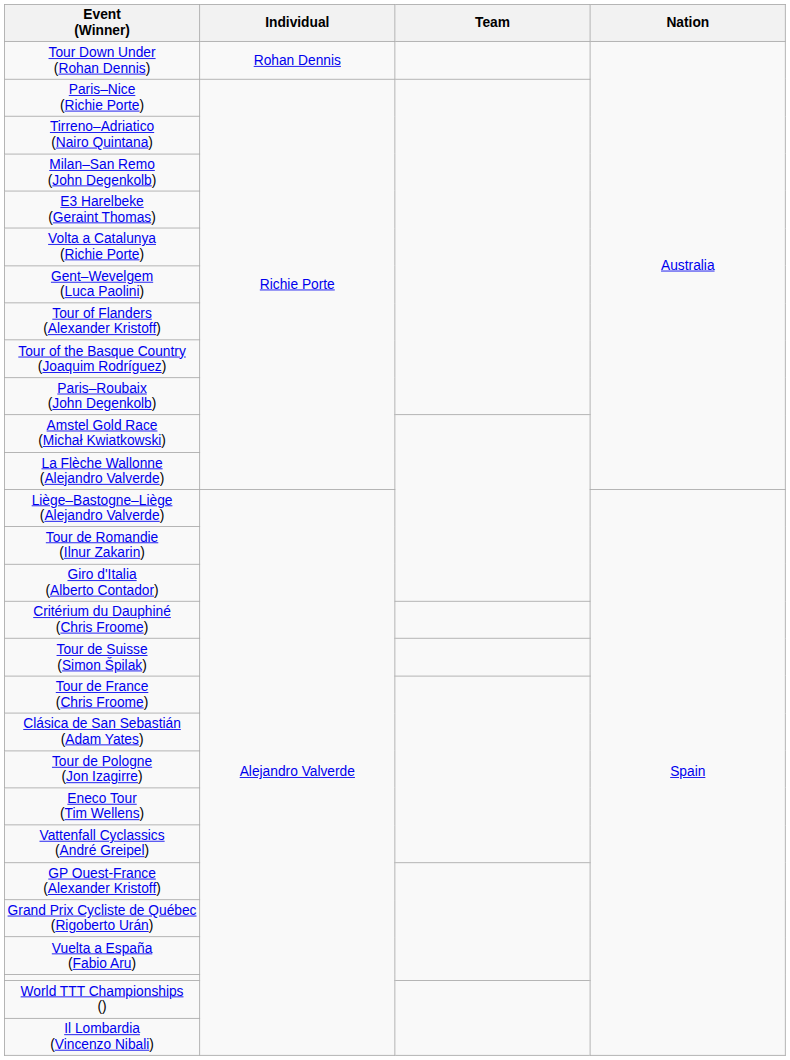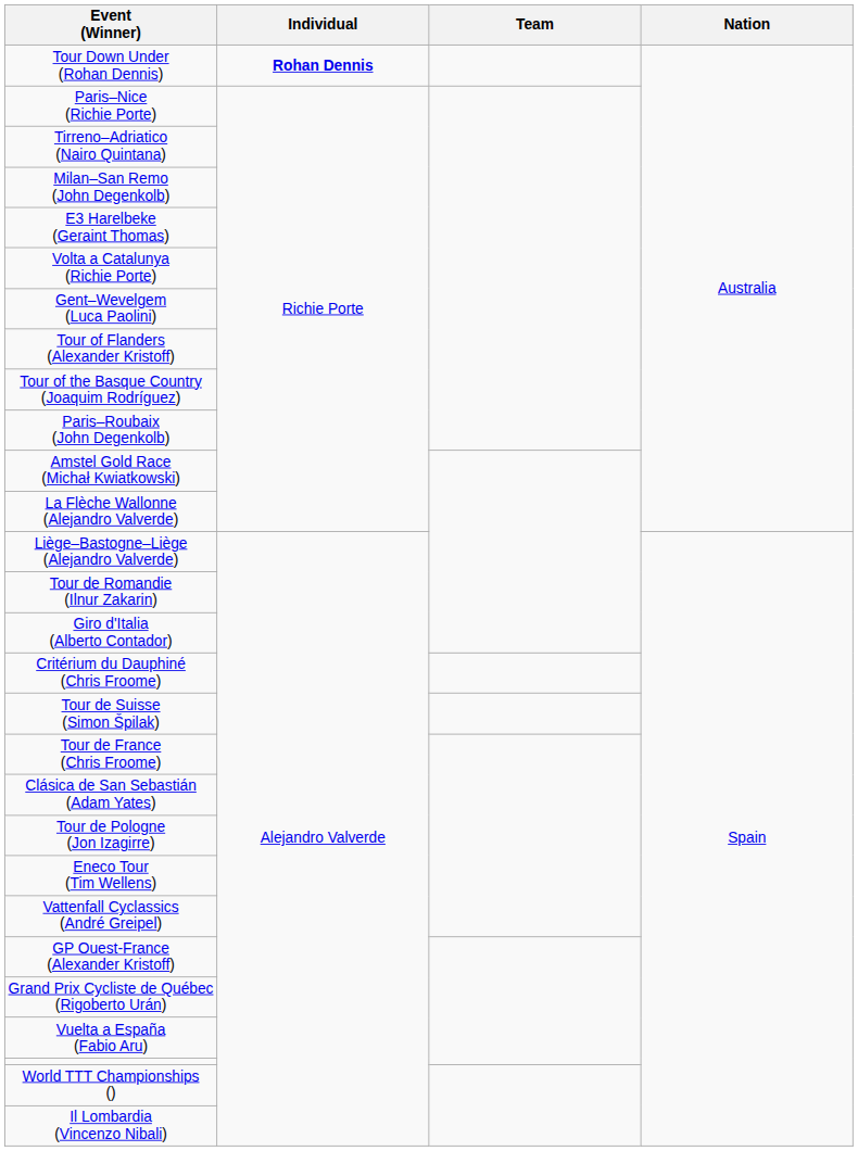 <table class="wikitable" style="text-align: center;">
 <tr>
 <th style="width:25%;">Event<br>(Winner)</th>
 <th style="width:25%;"><strong>Individual</strong></th>
 <th style="width:25%;"><strong>Team</strong></th>
 <th style="width:25%;"><strong>Nation</strong></th>
 </tr>
 <tr>
 <td><a href='#'>Tour Down Under</a><br>(<a href='#'>Rohan Dennis</a>)</td>
-<td><a href='#'>Rohan Dennis</a></td>
+<td><strong><a href='#'>Rohan Dennis</a></strong></td>
 <td></td>
 <td rowspan=12><a href='#'>Australia</a></td>
 </tr>
 <tr>
 <td><a href='#'>Paris–Nice</a><br>(<a href='#'>Richie Porte</a>)</td>
 <td rowspan=11><a href='#'>Richie Porte</a></td>
 <td rowspan=9></td>
 </tr>
 <tr>
 <td><a href='#'>Tirreno–Adriatico</a><br>(<a href='#'>Nairo Quintana</a>)</td>
 </tr>
 <tr>
 <td><a href='#'>Milan–San Remo</a><br>(<a href='#'>John Degenkolb</a>)</td>
 </tr>
 <tr>
 <td><a href='#'>E3 Harelbeke</a><br>(<a href='#'>Geraint Thomas</a>)</td>
 </tr>
 <tr>
 <td><a href='#'>Volta a Catalunya</a><br>(<a href='#'>Richie Porte</a>)</td>
 </tr>
 <tr>
 <td><a href='#'>Gent–Wevelgem</a><br>(<a href='#'>Luca Paolini</a>)</td>
 </tr>
 <tr>
 <td><a href='#'>Tour of Flanders</a><br>(<a href='#'>Alexander Kristoff</a>)</td>
 </tr>
 <tr>
 <td><a href='#'>Tour of the Basque Country</a><br>(<a href='#'>Joaquim Rodríguez</a>)</td>
 </tr>
 <tr>
 <td><a href='#'>Paris–Roubaix</a><br>(<a href='#'>John Degenkolb</a>)</td>
 </tr>
 <tr>
 <td><a href='#'>Amstel Gold Race</a><br>(<a href='#'>Michał Kwiatkowski</a>)</td>
 <td rowspan=5></td>
 </tr>
 <tr>
 <td><a href='#'>La Flèche Wallonne</a><br>(<a href='#'>Alejandro Valverde</a>)</td>
 </tr>
 <tr>
 <td><a href='#'>Liège–Bastogne–Liège</a><br>(<a href='#'>Alejandro Valverde</a>)</td>
 <td rowspan=16><a href='#'>Alejandro Valverde</a></td>
 <td rowspan=16><a href='#'>Spain</a></td>
 </tr>
 <tr>
 <td><a href='#'>Tour de Romandie</a><br>(<a href='#'>Ilnur Zakarin</a>)</td>
 </tr>
 <tr>
 <td><a href='#'>Giro d'Italia</a><br>(<a href='#'>Alberto Contador</a>)</td>
 </tr>
 <tr>
 <td><a href='#'>Critérium du Dauphiné</a><br>(<a href='#'>Chris Froome</a>)</td>
 <td></td>
 </tr>
 <tr>
 <td><a href='#'>Tour de Suisse</a><br>(<a href='#'>Simon Špilak</a>)</td>
 <td></td>
 </tr>
 <tr>
 <td><a href='#'>Tour de France</a><br>(<a href='#'>Chris Froome</a>)</td>
 <td rowspan=5></td>
 </tr>
 <tr>
 <td><a href='#'>Clásica de San Sebastián</a><br>(<a href='#'>Adam Yates</a>)</td>
 </tr>
 <tr>
 <td><a href='#'>Tour de Pologne</a><br>(<a href='#'>Jon Izagirre</a>)</td>
 </tr>
 <tr>
 <td><a href='#'>Eneco Tour</a><br>(<a href='#'>Tim Wellens</a>)</td>
 </tr>
 <tr>
 <td><a href='#'>Vattenfall Cyclassics</a><br>(<a href='#'>André Greipel</a>)</td>
 </tr>
 <tr>
 <td><a href='#'>GP Ouest-France</a><br>(<a href='#'>Alexander Kristoff</a>)</td>
 <td rowspan=4></td>
 </tr>
 <tr>
 <td><a href='#'>Grand Prix Cycliste de Québec</a><br>(<a href='#'>Rigoberto Urán</a>)</td>
 </tr>
 <tr>
 <td><a href='#'>Vuelta a España</a><br>(<a href='#'>Fabio Aru</a>)</td>
 </tr>
 <tr>
 <td></td>
 </tr>
 <tr>
 <td><a href='#'>World TTT Championships</a><br>()</td>
 <td rowspan=2></td>
 </tr>
 <tr>
 <td><a href='#'>Il Lombardia</a><br>(<a href='#'>Vincenzo Nibali</a>)</td>
 </tr>
 </table>
